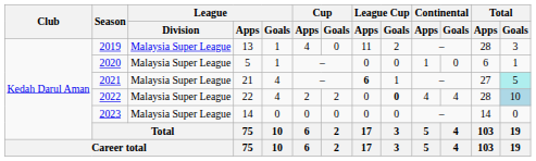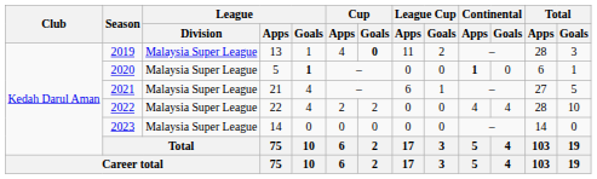 <table class=wikitable style="text-align:center">
 <tr>
 <th rowspan=2>Club</th>
 <th rowspan=2>Season</th>
 <th colspan=3>League</th>
 <th colspan=2>Cup</th>
 <th colspan=2>League Cup</th>
 <th colspan=2>Continental</th>
 <th colspan=2>Total</th>
 </tr>
 <tr>
 <th>Division</th>
 <th>Apps</th>
 <th>Goals</th>
 <th>Apps</th>
 <th>Goals</th>
 <th>Apps</th>
 <th>Goals</th>
 <th>Apps</th>
 <th>Goals</th>
 <th>Apps</th>
 <th>Goals</th>
 </tr>
 <tr>
 <td rowspan="6"><a href='#'>Kedah Darul Aman</a></td>
 <td><a href='#'>2019</a></td>
 <td><a href='#'>Malaysia Super League</a></td>
 <td>13</td>
 <td>1</td>
 <td>4</td>
-<td>0</td>
+<td><strong>0</strong></td>
 <td>11</td>
 <td>2</td>
 <td colspan="2">–</td>
 <td>28</td>
 <td>3</td>
 </tr>
 <tr>
 <td><a href='#'>2020</a></td>
 <td>Malaysia Super League</td>
 <td>5</td>
-<td>1</td>
+<td><strong>1</strong></td>
 <td colspan="2">–</td>
 <td>0</td>
 <td>0</td>
-<td>1</td>
+<td><strong>1</strong></td>
 <td>0</td>
 <td>6</td>
 <td>1</td>
 </tr>
 <tr>
 <td><a href='#'>2021</a></td>
 <td>Malaysia Super League</td>
 <td>21</td>
 <td>4</td>
 <td colspan="2">–</td>
-<td><strong>6</strong></td>
+<td>6</td>
 <td>1</td>
 <td colspan="2">–</td>
 <td>27</td>
-<td style="background: paleturquoise;">5</td>
+<td>5</td>
 </tr>
 <tr>
 <td><a href='#'>2022</a></td>
 <td>Malaysia Super League</td>
 <td>22</td>
 <td>4</td>
 <td>2</td>
 <td>2</td>
 <td>0</td>
-<td><strong>0</strong></td>
+<td>0</td>
 <td>4</td>
 <td>4</td>
 <td>28</td>
-<td style="background: lightblue;">10</td>
+<td>10</td>
 </tr>
 <tr>
 <td><a href='#'>2023</a></td>
 <td>Malaysia Super League</td>
 <td>14</td>
 <td>0</td>
 <td>0</td>
 <td>0</td>
 <td>0</td>
 <td>0</td>
 <td colspan="2">–</td>
 <td>14</td>
 <td>0</td>
 </tr>
 <tr>
 <th colspan=2>Total</th>
 <th>75</th>
 <th>10</th>
 <th>6</th>
 <th>2</th>
 <th>17</th>
 <th>3</th>
 <th>5</th>
 <th>4</th>
 <th>103</th>
 <th>19</th>
 </tr>
 <tr>
 <th colspan=3>Career total</th>
 <th>75</th>
 <th>10</th>
 <th>6</th>
 <th>2</th>
 <th>17</th>
 <th>3</th>
 <th>5</th>
 <th>4</th>
 <th>103</th>
 <th>19</th>
 </tr>
 </table>
